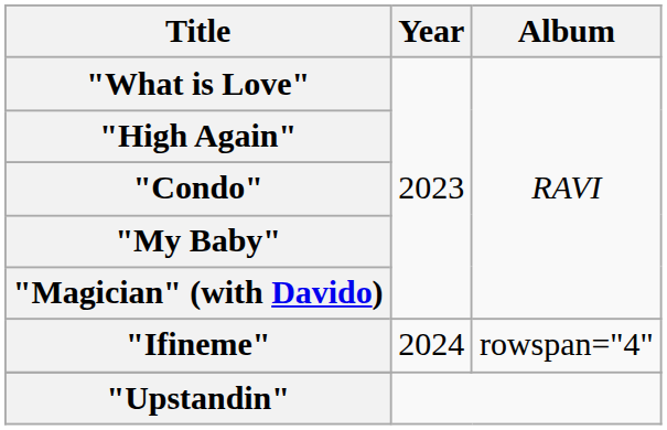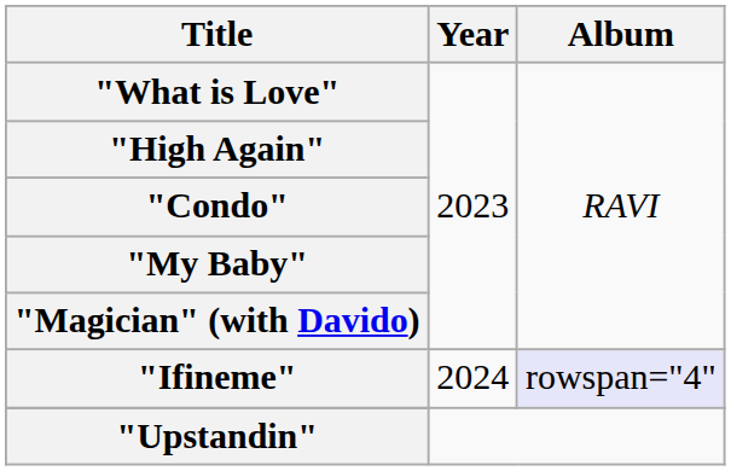 <table class="wikitable plainrowheaders" style="text-align:center;">
 <tr>
 <th scope="col">Title</th>
 <th scope="col">Year</th>
 <th scope="col">Album</th>
 </tr>
 <tr>
 <th scope="row">"What is Love"</th>
 <td rowspan="5">2023</td>
 <td rowspan="5"><em>RAVI</em></td>
 </tr>
 <tr>
 <th scope="row">"High Again"</th>
 </tr>
 <tr>
 <th scope="row">"Condo"</th>
 </tr>
 <tr>
 <th scope="row">"My Baby"</th>
 </tr>
 <tr>
 <th scope="row">"Magician" (with <a href='#'>Davido</a>)</th>
 </tr>
 <tr>
 <th scope="row">"Ifineme"</th>
 <td rowspan="2">2024</td>
-<td>rowspan="4" </td>
+<td style="background: lavender;">rowspan="4" </td>
 </tr>
 <tr>
 </tr>
 <tr>
 <th scope="row">"Upstandin"</th>
 </tr>
 </table>
